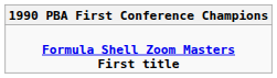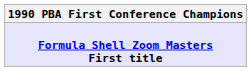 <table class=wikitable style="text-align:center; margin:auto">
 <tr>
 <th>1990 PBA First Conference Champions</th>
 </tr>
 <tr>
-<td><br> <strong><a href='#'>Formula Shell Zoom Masters</a></strong> <br> <strong>First title</strong></td>
+<td style="background: lavender;"><br> <strong><a href='#'>Formula Shell Zoom Masters</a></strong> <br> <strong>First title</strong></td>
 </tr>
 </table>
